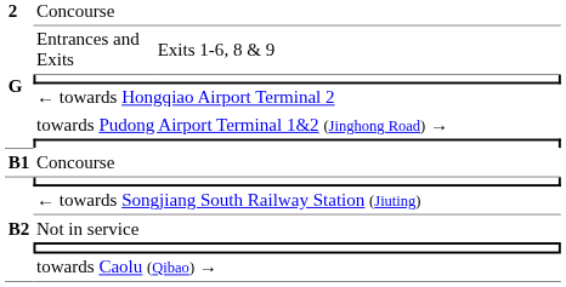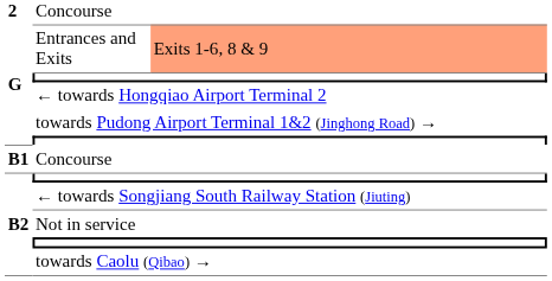 <table cellspacing=0 cellpadding=3>
 <tr>
 <td><strong>2</strong></td>
 <td colspan="2"> Concourse</td>
 </tr>
 <tr>
 <td rowspan="5"><strong>G</strong></td>
 <td style="border-top:solid 1px gray;border-bottom:solid 1px gray;" width="100">Entrances and Exits</td>
-<td style="border-top:solid 1px gray;border-bottom:solid 1px gray;" width="350">Exits 1-6, 8 & 9</td>
+<td style="background: lightsalmon; border-top:solid 1px gray;border-bottom:solid 1px gray;" width="350">Exits 1-6, 8 & 9</td>
 </tr>
 <tr>
 <td style="border-right:solid 2px black;border-left:solid 2px black;border-bottom:solid 2px black;" colspan=2></td>
 </tr>
 <tr>
 <td colspan="2">←  towards <a href='#'>Hongqiao Airport Terminal 2</a></td>
 </tr>
 <tr>
 <td colspan="2">  towards <a href='#'>Pudong Airport Terminal 1&2</a> <small>(<a href='#'>Jinghong Road</a>)</small> →</td>
 </tr>
 <tr>
 <td style="border-right:solid 2px black;border-left:solid 2px black;border-top:solid 2px black;" colspan=2></td>
 </tr>
 <tr>
 <td style="border-bottom:solid 1px gray;border-top:solid 1px gray"><strong>B1</strong></td>
 <td colspan="2" style="border-bottom:solid 1px gray;"> Concourse</td>
 </tr>
 <tr>
 <td style="border-bottom:solid 1px gray;" rowspan=5><strong>B2</strong></td>
 <td style="border-right:solid 2px black;border-left:solid 2px black;border-bottom:solid 2px black;" colspan=2></td>
 </tr>
 <tr>
 <td colspan="2" style="border-bottom:solid 1px gray;">←  towards <a href='#'>Songjiang South Railway Station</a> <small>(<a href='#'>Jiuting</a>)</small></td>
 </tr>
 <tr>
 <td colspan="2">Not in service</td>
 </tr>
 <tr>
 <td style="border-right:solid 2px black;border-left:solid 2px black;border-top:solid 2px black;border-bottom:solid 2px black;" colspan=2></td>
 </tr>
 <tr>
 <td colspan="2" style="border-bottom:solid 1px gray;">  towards <a href='#'>Caolu</a> <small>(<a href='#'>Qibao</a>)</small> →</td>
 </tr>
 </table>
